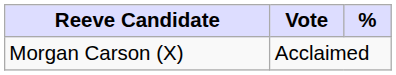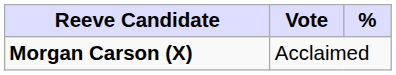 <table class="wikitable">
 <tr>
 <th style="background:#ddf; width:200px;">Reeve Candidate</th>
 <th style="background:#ddf; width:50px;">Vote</th>
 <th style="background:#ddf; width:30px;">%</th>
 </tr>
 <tr>
-<td>Morgan Carson (X)</td>
+<td><strong>Morgan Carson (X)</strong></td>
 <td colspan="2">Acclaimed</td>
 </tr>
 </table>
